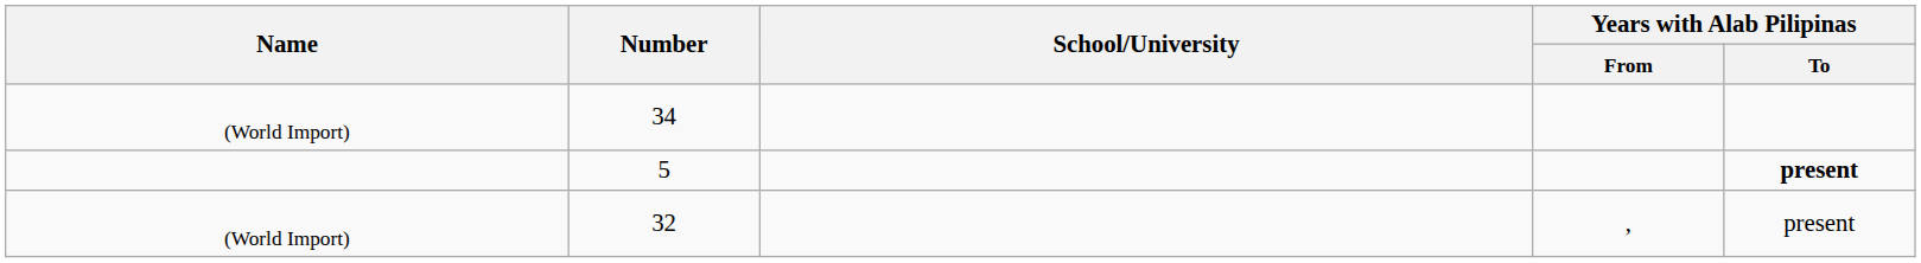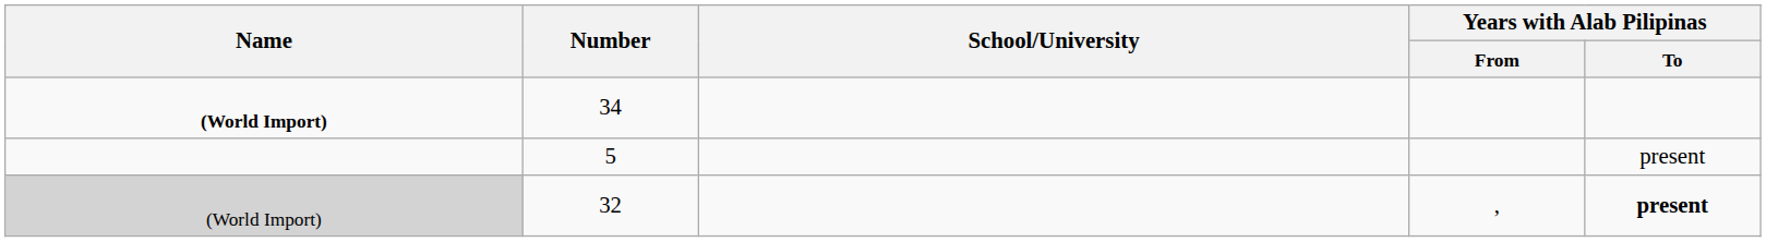 <table class="wikitable sortable" style="text-align:center" width="98%">
 <tr>
 <th style="width:180px;" rowspan="2">Name</th>
 <th style="width:10%;" colspan="2" rowspan="2">Number</th>
 <th style="width:250px;" rowspan="2">School/University</th>
 <th style="width:180px; text-align:center;" colspan="2">Years with Alab Pilipinas</th>
 </tr>
 <tr>
 <th style="width:10%; text-align:center;"><small>From</small></th>
 <th style="width:10%; text-align:center;"><small>To</small></th>
 </tr>
 <tr>
-<td><br><small>(World Import)</small></td>
+<td><strong><br><small>(World Import)</small></strong></td>
 <td colspan="2">34</td>
 <td></td>
 <td></td>
 <td></td>
 </tr>
 <tr>
 <td></td>
 <td colspan="2">5</td>
 <td></td>
 <td></td>
-<td><strong>present</strong></td>
+<td>present</td>
 </tr>
 <tr>
-<td><br><small>(World Import)</small></td>
+<td style="background: lightgrey;"><br><small>(World Import)</small></td>
 <td colspan="2">32</td>
 <td></td>
 <td>, </td>
-<td>present</td>
+<td><strong>present</strong></td>
 </tr>
 </table>
